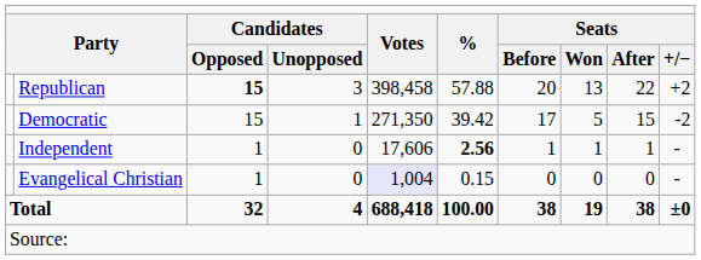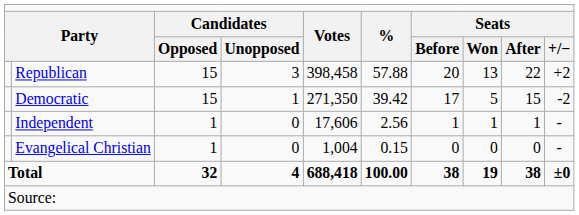 <table class="wikitable">
 <tr>
 <td colspan="12" style="text-align:center;"></td>
 </tr>
 <tr>
 <th colspan="2" rowspan="2">Party</th>
 <th colspan="2">Candidates</th>
 <th rowspan="2">Votes</th>
 <th rowspan="2">%</th>
 <th colspan="4">Seats</th>
 </tr>
 <tr>
 <th>Opposed</th>
 <th>Unopposed</th>
 <th>Before</th>
 <th>Won</th>
 <th>After</th>
 <th>+/−</th>
 </tr>
 <tr>
 <td style="background-color:"></td>
 <td><a href='#'>Republican</a></td>
-<td style="text-align:right;"><strong>15</strong></td>
+<td style="text-align:right;">15</td>
 <td style="text-align:right;">3</td>
 <td style="text-align:right;">398,458</td>
 <td style="text-align:right;">57.88</td>
 <td style="text-align:right;">20</td>
 <td style="text-align:right;">13</td>
 <td style="text-align:right;">22</td>
 <td style="text-align:right;">+2</td>
 </tr>
 <tr>
 <td style="background-color:"></td>
 <td><a href='#'>Democratic</a></td>
 <td style="text-align:right;">15</td>
 <td style="text-align:right;">1</td>
 <td style="text-align:right;">271,350</td>
 <td style="text-align:right;">39.42</td>
 <td style="text-align:right;">17</td>
 <td style="text-align:right;">5</td>
 <td style="text-align:right;">15</td>
 <td style="text-align:right;">-2</td>
 </tr>
 <tr>
 <td style="background-color:"></td>
 <td><a href='#'>Independent</a></td>
 <td style="text-align:right;">1</td>
 <td style="text-align:right;">0</td>
 <td style="text-align:right;">17,606</td>
-<td style="text-align:right;"><strong>2.56</strong></td>
+<td style="text-align:right;">2.56</td>
 <td style="text-align:right;">1</td>
 <td style="text-align:right;">1</td>
 <td style="text-align:right;">1</td>
 <td style="text-align:center;">-</td>
 </tr>
 <tr>
 <td></td>
 <td><a href='#'>Evangelical Christian</a></td>
 <td style="text-align:right;">1</td>
 <td style="text-align:right;">0</td>
-<td style="background: lavender; text-align:right;">1,004</td>
+<td style="text-align:right;">1,004</td>
 <td style="text-align:right;">0.15</td>
 <td style="text-align:right;">0</td>
 <td style="text-align:right;">0</td>
 <td style="text-align:right;">0</td>
 <td style="text-align:center;">-</td>
 </tr>
 <tr>
 <td colspan="2"><strong>Total</strong></td>
 <td style="text-align:right;"><strong>32</strong></td>
 <td style="text-align:right;"><strong>4</strong></td>
 <td style="text-align:right;"><strong>688,418</strong></td>
 <td style="text-align:right;"><strong>100.00</strong></td>
 <td style="text-align:right;"><strong>38</strong></td>
 <td style="text-align:right;"><strong>19</strong></td>
 <td style="text-align:right;"><strong>38</strong></td>
 <td style="text-align:right;"><strong>±0</strong></td>
 </tr>
 <tr>
 <td colspan="10">Source: <em></em></td>
 </tr>
 </table>
